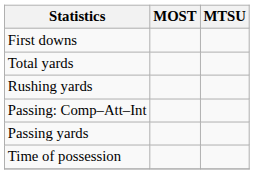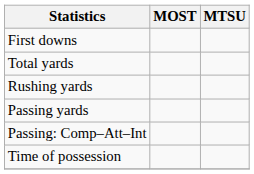 <table class="wikitable" style="float: left;">
 <tr>
 <th>Statistics</th>
 <th>MOST</th>
 <th>MTSU</th>
 </tr>
 <tr>
 <td>First downs</td>
 <td></td>
 <td></td>
 </tr>
 <tr>
 <td>Total yards</td>
 <td></td>
 <td></td>
 </tr>
 <tr>
 <td>Rushing yards</td>
 <td></td>
 <td></td>
 </tr>
 <tr>
-<td>Passing: Comp–Att–Int</td>
+<td>Passing yards</td>
 <td></td>
 <td></td>
 </tr>
 <tr>
-<td>Passing yards</td>
+<td>Passing: Comp–Att–Int</td>
 <td></td>
 <td></td>
 </tr>
 <tr>
 <td>Time of possession</td>
 <td></td>
 <td></td>
 </tr>
 <tr>
 </tr>
 </table>
